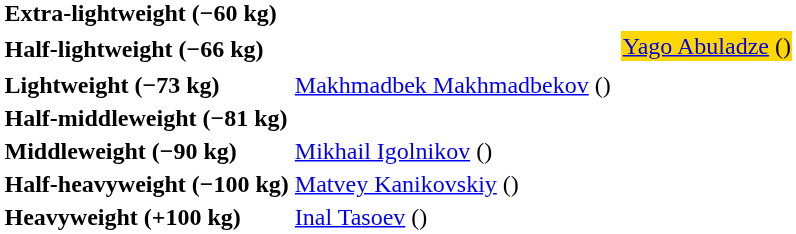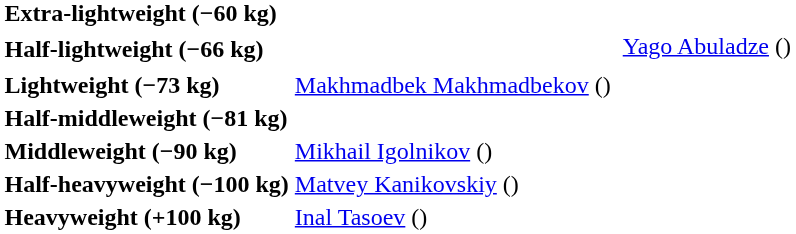 <table>
 <tr>
 <th rowspan=2 style="text-align:left;">Extra-lightweight (−60 kg)</th>
 <td rowspan=2></td>
 <td rowspan=2></td>
 <td></td>
 </tr>
 <tr>
 <td></td>
 </tr>
 <tr>
 <th rowspan=2 style="text-align:left;">Half-lightweight (−66 kg)</th>
 <td rowspan=2></td>
 <td rowspan=2></td>
-<td style="background: gold;"> <a href='#'>Yago Abuladze</a> <span>()</span></td>
+<td> <a href='#'>Yago Abuladze</a> <span>()</span></td>
 </tr>
 <tr>
 <td></td>
 </tr>
 <tr>
 <th rowspan=2 style="text-align:left;">Lightweight (−73 kg)</th>
 <td rowspan=2> <a href='#'>Makhmadbek Makhmadbekov</a> <span>()</span></td>
 <td rowspan=2></td>
 <td></td>
 </tr>
 <tr>
 <td></td>
 </tr>
 <tr>
 <th rowspan=2 style="text-align:left;">Half-middleweight (−81 kg)</th>
 <td rowspan=2></td>
 <td rowspan=2></td>
 <td></td>
 </tr>
 <tr>
 <td></td>
 </tr>
 <tr>
 <th rowspan=2 style="text-align:left;">Middleweight (−90 kg)</th>
 <td rowspan=2> <a href='#'>Mikhail Igolnikov</a> <span>()</span></td>
 <td rowspan=2></td>
 <td></td>
 </tr>
 <tr>
 <td></td>
 </tr>
 <tr>
 <th rowspan=2 style="text-align:left;">Half-heavyweight (−100 kg)</th>
 <td rowspan=2> <a href='#'>Matvey Kanikovskiy</a> <span>()</span></td>
 <td rowspan=2></td>
 <td></td>
 </tr>
 <tr>
 <td></td>
 </tr>
 <tr>
 <th rowspan=2 style="text-align:left;">Heavyweight (+100 kg)</th>
 <td rowspan=2> <a href='#'>Inal Tasoev</a> <span>()</span></td>
 <td rowspan=2></td>
 <td></td>
 </tr>
 <tr>
 <td></td>
 </tr>
 </table>
